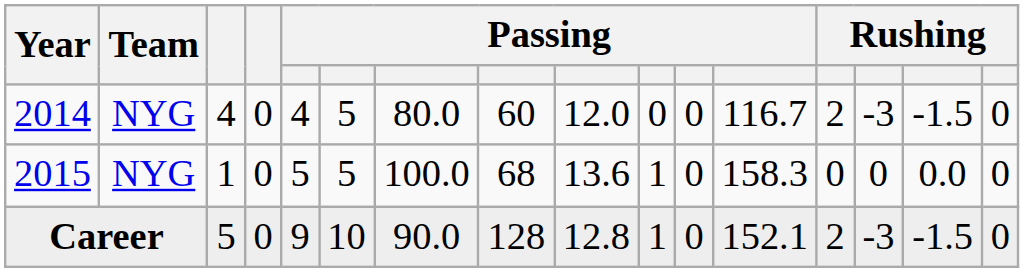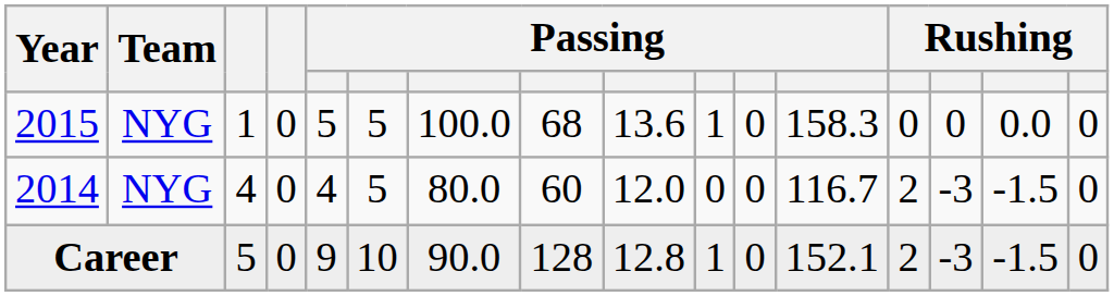 <table class="wikitable sortable" style="text-align:center">
 <tr>
 <th rowspan=2>Year</th>
 <th rowspan=2>Team</th>
 <th rowspan=2></th>
 <th rowspan=2></th>
 <th colspan=8>Passing</th>
 <th colspan=4>Rushing</th>
 </tr>
 <tr>
 <th></th>
 <th></th>
 <th></th>
 <th></th>
 <th></th>
 <th></th>
 <th></th>
 <th></th>
 <th></th>
 <th></th>
 <th></th>
 <th></th>
 </tr>
 <tr>
+<td><a href='#'>2015</a></td>
+<td><a href='#'>NYG</a></td>
+<td>1</td>
+<td>0</td>
+<td>5</td>
+<td>5</td>
+<td>100.0</td>
+<td>68</td>
+<td>13.6</td>
+<td>1</td>
+<td>0</td>
+<td>158.3</td>
+<td>0</td>
+<td>0</td>
+<td>0.0</td>
+<td>0</td>
+</tr>
+<tr>
 <td><a href='#'>2014</a></td>
 <td><a href='#'>NYG</a></td>
 <td>4</td>
 <td>0</td>
 <td>4</td>
 <td>5</td>
 <td>80.0</td>
 <td>60</td>
 <td>12.0</td>
 <td>0</td>
 <td>0</td>
 <td>116.7</td>
 <td>2</td>
 <td>-3</td>
 <td>-1.5</td>
-<td>0</td>
-</tr>
-<tr>
-<td><a href='#'>2015</a></td>
-<td><a href='#'>NYG</a></td>
-<td>1</td>
-<td>0</td>
-<td>5</td>
-<td>5</td>
-<td>100.0</td>
-<td>68</td>
-<td>13.6</td>
-<td>1</td>
-<td>0</td>
-<td>158.3</td>
-<td>0</td>
-<td>0</td>
-<td>0.0</td>
 <td>0</td>
 </tr>
 <tr class="sortbottom" style="background:#eee;">
 <td colspan=2><strong>Career</strong></td>
 <td>5</td>
 <td>0</td>
 <td>9</td>
 <td>10</td>
 <td>90.0</td>
 <td>128</td>
 <td>12.8</td>
 <td>1</td>
 <td>0</td>
 <td>152.1</td>
 <td>2</td>
 <td>-3</td>
 <td>-1.5</td>
 <td>0</td>
 </tr>
 </table>
